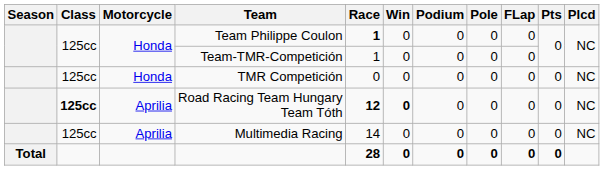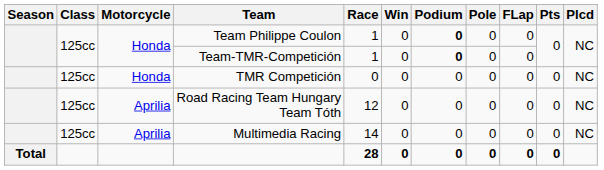 <table class="wikitable" style=text-align:right>
 <tr>
 <th>Season</th>
 <th>Class</th>
 <th>Motorcycle</th>
 <th>Team</th>
 <th>Race</th>
 <th>Win</th>
 <th>Podium</th>
 <th>Pole</th>
 <th>FLap</th>
 <th>Pts</th>
 <th>Plcd</th>
 </tr>
 <tr>
 <th rowspan=2></th>
 <td rowspan=2>125cc</td>
 <td rowspan=2><a href='#'>Honda</a></td>
 <td>Team Philippe Coulon</td>
-<td><strong>1</strong></td>
+<td>1</td>
 <td>0</td>
-<td>0</td>
+<td><strong>0</strong></td>
 <td>0</td>
 <td>0</td>
 <td rowspan=2>0</td>
 <td rowspan=2>NC</td>
 </tr>
 <tr>
 <td>Team-TMR-Competición</td>
 <td>1</td>
 <td>0</td>
-<td>0</td>
+<td><strong>0</strong></td>
 <td>0</td>
 <td>0</td>
 </tr>
 <tr>
 <th></th>
 <td>125cc</td>
 <td><a href='#'>Honda</a></td>
 <td>TMR Competición</td>
 <td>0</td>
 <td>0</td>
 <td>0</td>
 <td>0</td>
 <td>0</td>
 <td>0</td>
 <td>NC</td>
 </tr>
 <tr>
 <th></th>
-<td><strong>125cc</strong></td>
+<td>125cc</td>
 <td><a href='#'>Aprilia</a></td>
 <td>Road Racing Team Hungary<br>Team Tóth</td>
-<td><strong>12</strong></td>
-<td><strong>0</strong></td>
+<td>12</td>
+<td>0</td>
 <td>0</td>
 <td>0</td>
 <td>0</td>
 <td>0</td>
 <td>NC</td>
 </tr>
 <tr>
 <th></th>
 <td>125cc</td>
 <td><a href='#'>Aprilia</a></td>
 <td>Multimedia Racing</td>
 <td>14</td>
 <td>0</td>
 <td>0</td>
 <td>0</td>
 <td>0</td>
 <td>0</td>
 <td>NC</td>
 </tr>
 <tr>
 <th>Total</th>
 <td></td>
 <td></td>
 <td></td>
 <td><strong>28</strong></td>
 <td><strong>0</strong></td>
 <td><strong>0</strong></td>
 <td><strong>0</strong></td>
 <td><strong>0</strong></td>
 <td><strong>0</strong></td>
 <td></td>
 </tr>
 </table>
